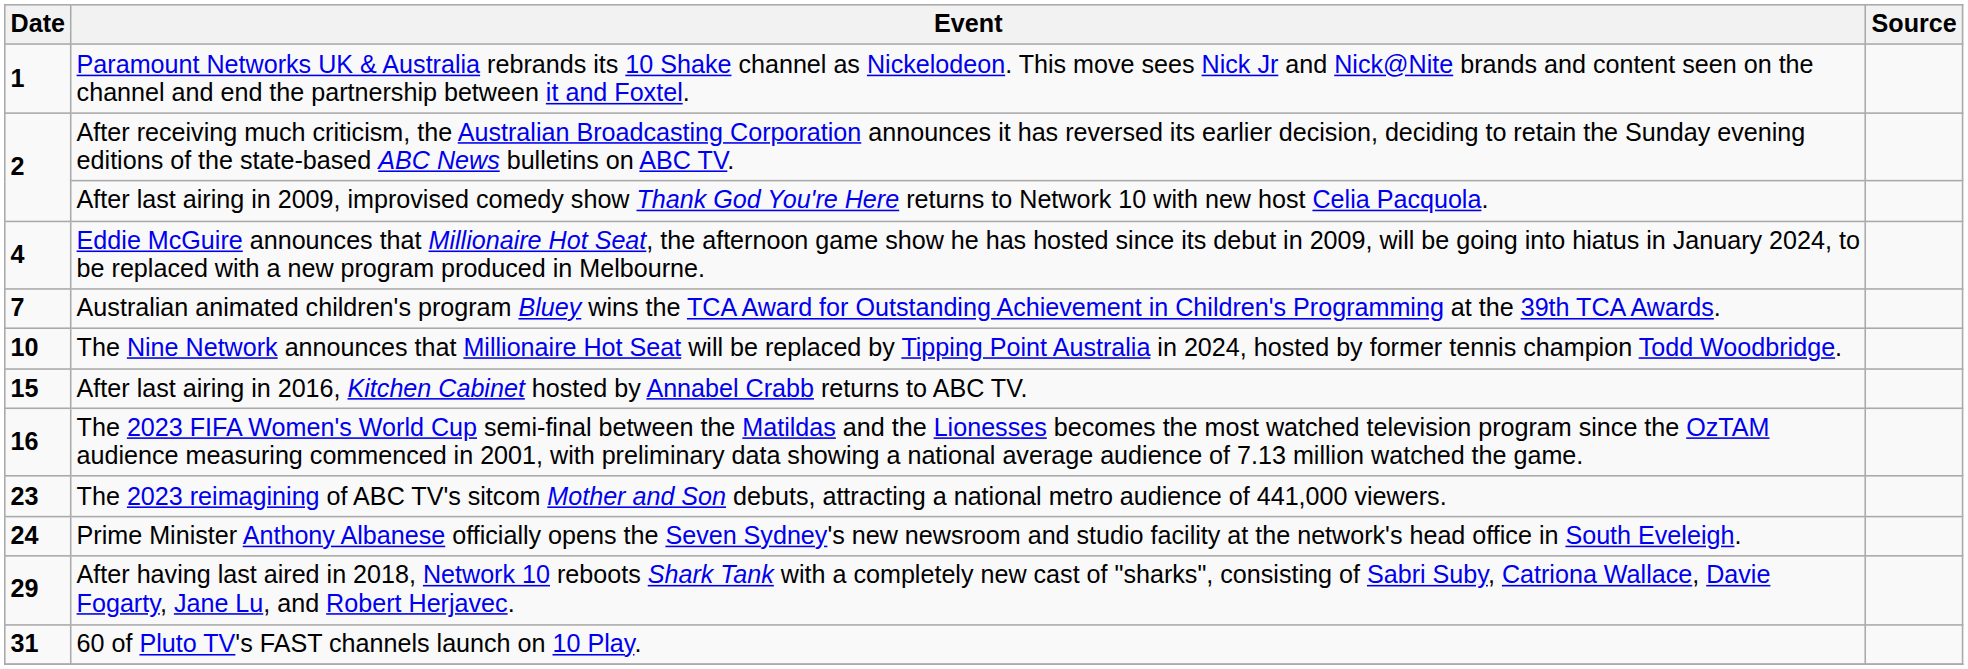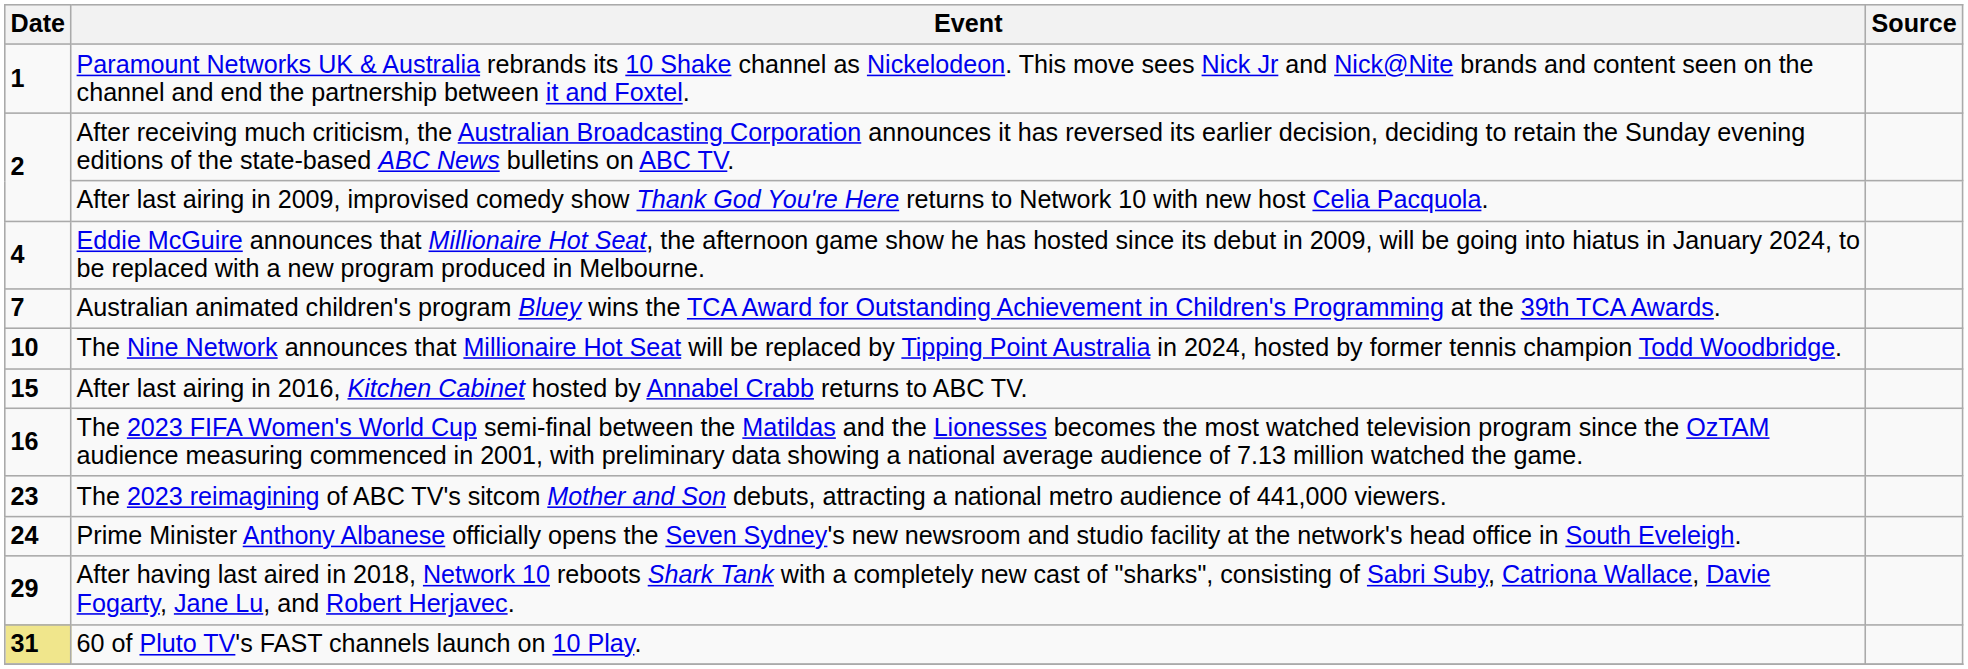 <table class="wikitable">
 <tr>
 <th>Date</th>
 <th>Event</th>
 <th>Source</th>
 </tr>
 <tr>
 <td><strong>1</strong></td>
 <td><a href='#'>Paramount Networks UK & Australia</a> rebrands its <a href='#'>10 Shake</a> channel as <a href='#'>Nickelodeon</a>. This move sees <a href='#'>Nick Jr</a> and <a href='#'>Nick@Nite</a> brands and content seen on the channel and end the partnership between <a href='#'>it and Foxtel</a>.</td>
 <td></td>
 </tr>
 <tr>
 <td rowspan=2><strong>2</strong></td>
 <td>After receiving much criticism, the <a href='#'>Australian Broadcasting Corporation</a> announces it has reversed its earlier decision, deciding to retain the Sunday evening editions of the state-based <em><a href='#'>ABC News</a></em> bulletins on <a href='#'>ABC TV</a>.</td>
 <td></td>
 </tr>
 <tr>
 <td>After last airing in 2009, improvised comedy show <em><a href='#'>Thank God You're Here</a></em> returns to Network 10 with new host <a href='#'>Celia Pacquola</a>.</td>
 <td></td>
 </tr>
 <tr>
 <td><strong>4</strong></td>
 <td><a href='#'>Eddie McGuire</a> announces that <em><a href='#'>Millionaire Hot Seat</a></em>, the afternoon game show he has hosted since its debut in 2009, will be going into hiatus in January 2024, to be replaced with a new program produced in Melbourne.</td>
 <td></td>
 </tr>
 <tr>
 <td><strong>7</strong></td>
 <td>Australian animated children's program <em><a href='#'>Bluey</a></em> wins the <a href='#'>TCA Award for Outstanding Achievement in Children's Programming</a> at the <a href='#'>39th TCA Awards</a>.</td>
 <td></td>
 </tr>
 <tr>
 <td><strong>10</strong></td>
 <td>The <a href='#'>Nine Network</a> announces that <a href='#'>Millionaire Hot Seat</a> will be replaced by <a href='#'>Tipping Point Australia</a> in 2024, hosted by former tennis champion <a href='#'>Todd Woodbridge</a>.</td>
 <td></td>
 </tr>
 <tr>
 <td><strong>15</strong></td>
 <td>After last airing in 2016, <em><a href='#'>Kitchen Cabinet</a></em> hosted by <a href='#'>Annabel Crabb</a> returns to ABC TV.</td>
 <td></td>
 </tr>
 <tr>
 <td><strong>16</strong></td>
 <td>The <a href='#'>2023 FIFA Women's World Cup</a> semi-final between the <a href='#'>Matildas</a> and the <a href='#'>Lionesses</a> becomes the most watched television program since the <a href='#'>OzTAM</a> audience measuring commenced in 2001, with preliminary data showing a national average audience of 7.13 million watched the game.</td>
 <td></td>
 </tr>
 <tr>
 <td><strong>23</strong></td>
 <td>The <a href='#'>2023 reimagining</a> of ABC TV's sitcom <em><a href='#'>Mother and Son</a></em> debuts, attracting a national metro audience of 441,000 viewers.</td>
 <td></td>
 </tr>
 <tr>
 <td><strong>24</strong></td>
 <td>Prime Minister <a href='#'>Anthony Albanese</a> officially opens the <a href='#'>Seven Sydney</a>'s new newsroom and studio facility at the network's head office in <a href='#'>South Eveleigh</a>.</td>
 <td></td>
 </tr>
 <tr>
 <td><strong>29</strong></td>
 <td>After having last aired in 2018, <a href='#'>Network 10</a> reboots <em><a href='#'>Shark Tank</a></em> with a completely new cast of "sharks", consisting of <a href='#'>Sabri Suby</a>, <a href='#'>Catriona Wallace</a>, <a href='#'>Davie Fogarty</a>, <a href='#'>Jane Lu</a>, and <a href='#'>Robert Herjavec</a>.</td>
 <td></td>
 </tr>
 <tr>
-<td><strong>31</strong></td>
+<td style="background: khaki;"><strong>31</strong></td>
 <td>60 of <a href='#'>Pluto TV</a>'s FAST channels launch on <a href='#'>10 Play</a>.</td>
 <td></td>
 </tr>
 <tr>
 </tr>
 </table>
